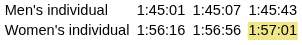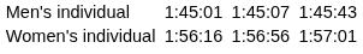 <table>
 <tr>
 <td>Men's individual<br></td>
 <td></td>
 <td>1:45:01</td>
 <td></td>
 <td>1:45:07</td>
 <td></td>
 <td>1:45:43</td>
 </tr>
 <tr>
 <td>Women's individual<br></td>
 <td></td>
 <td>1:56:16</td>
 <td></td>
 <td>1:56:56</td>
 <td></td>
-<td style="background: khaki;">1:57:01</td>
+<td>1:57:01</td>
 </tr>
 </table>
